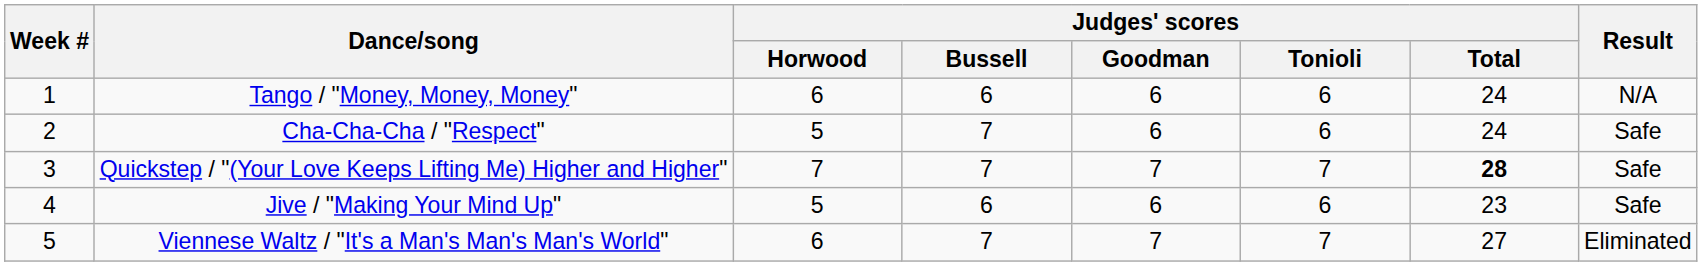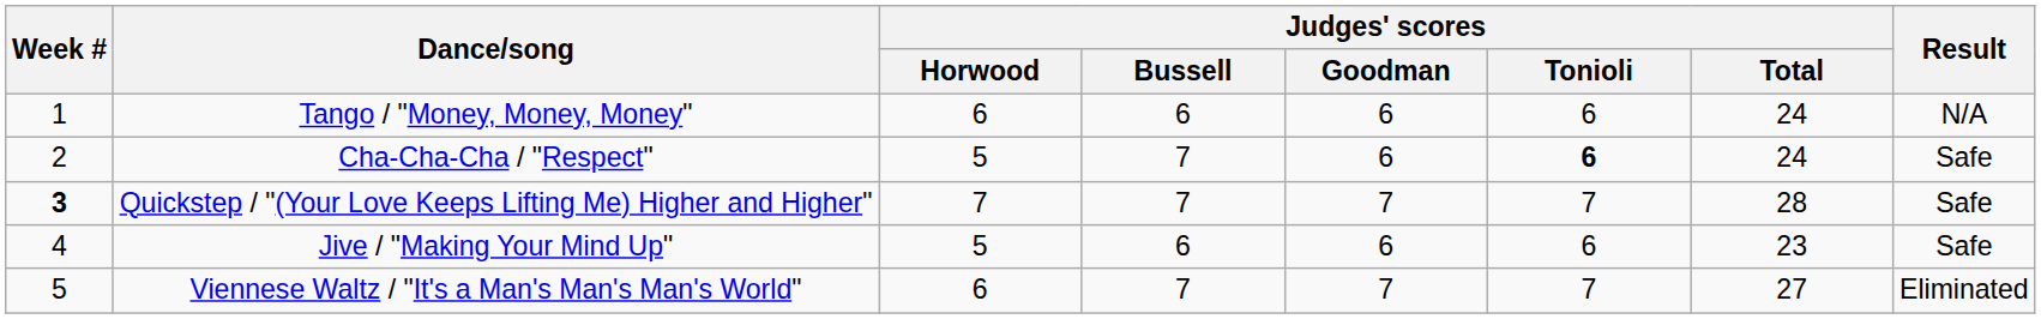 <table class="wikitable" style="text-align:center;">
 <tr>
 <th rowspan="2">Week #</th>
 <th rowspan="2">Dance/song</th>
 <th colspan="5">Judges' scores</th>
 <th rowspan="2">Result</th>
 </tr>
 <tr>
 <th style="width:10%;">Horwood</th>
 <th style="width:10%;">Bussell</th>
 <th style="width:10%;">Goodman</th>
 <th style="width:10%;">Tonioli</th>
 <th style="width:10%;">Total</th>
 </tr>
 <tr>
 <td>1</td>
 <td><a href='#'>Tango</a> / "<a href='#'>Money, Money, Money</a>"</td>
 <td>6</td>
 <td>6</td>
 <td>6</td>
 <td>6</td>
 <td>24</td>
 <td>N/A</td>
 </tr>
 <tr>
 <td>2</td>
 <td><a href='#'>Cha-Cha-Cha</a> / "<a href='#'>Respect</a>"</td>
 <td>5</td>
 <td>7</td>
 <td>6</td>
-<td>6</td>
+<td><strong>6</strong></td>
 <td>24</td>
 <td>Safe</td>
 </tr>
 <tr>
-<td>3</td>
+<td><strong>3</strong></td>
 <td><a href='#'>Quickstep</a> / "<a href='#'>(Your Love Keeps Lifting Me) Higher and Higher</a>"</td>
 <td>7</td>
 <td>7</td>
 <td>7</td>
 <td>7</td>
-<td><strong>28</strong></td>
+<td>28</td>
 <td>Safe</td>
 </tr>
 <tr>
 <td>4</td>
 <td><a href='#'>Jive</a> / "<a href='#'>Making Your Mind Up</a>"</td>
 <td>5</td>
 <td>6</td>
 <td>6</td>
 <td>6</td>
 <td>23</td>
 <td>Safe</td>
 </tr>
 <tr>
 <td>5</td>
 <td><a href='#'>Viennese Waltz</a> / "<a href='#'>It's a Man's Man's Man's World</a>"</td>
 <td>6</td>
 <td>7</td>
 <td>7</td>
 <td>7</td>
 <td>27</td>
 <td>Eliminated</td>
 </tr>
 </table>
